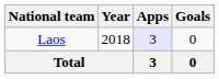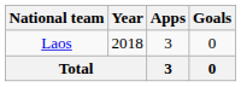 <table class="wikitable" style="text-align:center">
 <tr>
 <th>National team</th>
 <th>Year</th>
 <th>Apps</th>
 <th>Goals</th>
 </tr>
 <tr>
 <td rowspan="1"><a href='#'>Laos</a></td>
 <td>2018</td>
-<td style="background: lavender;">3</td>
+<td>3</td>
 <td>0</td>
 </tr>
 <tr>
 <th colspan=2>Total</th>
 <th>3</th>
 <th>0</th>
 </tr>
 </table>
